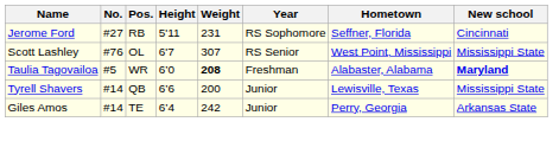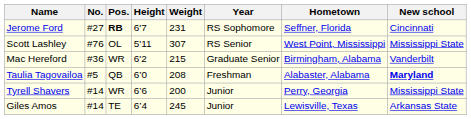 <table class="wikitable sortable">
 <tr>
 <th>Name</th>
 <th>No.</th>
 <th>Pos.</th>
 <th>Height</th>
 <th>Weight</th>
 <th>Year</th>
 <th>Hometown</th>
 <th class="unsortable">New school</th>
 </tr>
 <tr style="background:#FFFFE6;">
 <td><a href='#'>Jerome Ford</a></td>
 <td>#27</td>
-<td>RB</td>
-<td>5'11</td>
+<td><strong>RB</strong></td>
+<td>6'7</td>
 <td>231</td>
 <td>RS Sophomore</td>
 <td><a href='#'>Seffner, Florida</a></td>
 <td><a href='#'>Cincinnati</a></td>
 </tr>
 <tr style="background:#FFFFE6;">
 <td>Scott Lashley</td>
 <td>#76</td>
 <td>OL</td>
-<td>6'7</td>
+<td>5'11</td>
 <td>307</td>
 <td>RS Senior</td>
 <td><a href='#'>West Point, Mississippi</a></td>
 <td><a href='#'>Mississippi State</a></td>
 </tr>
 <tr style="background:#FFFFE6;">
+<td>Mac Hereford</td>
+<td>#36</td>
+<td>WR</td>
+<td>6'2</td>
+<td>215</td>
+<td>Graduate Senior</td>
+<td><a href='#'>Birmingham, Alabama</a></td>
+<td><a href='#'>Vanderbilt</a></td>
+</tr>
+<tr style="background:#FFFFE6;">
 <td><a href='#'>Taulia Tagovailoa</a></td>
 <td>#5</td>
-<td>WR</td>
+<td>QB</td>
 <td>6’0</td>
-<td><strong>208</strong></td>
+<td>208</td>
 <td>Freshman</td>
 <td><a href='#'>Alabaster, Alabama</a></td>
 <td><strong><a href='#'>Maryland</a></strong></td>
 </tr>
 <tr style="background:#FFFFE6;">
 <td><a href='#'>Tyrell Shavers</a></td>
 <td>#14</td>
-<td>QB</td>
+<td>WR</td>
 <td>6’6</td>
 <td>200</td>
 <td>Junior</td>
-<td><a href='#'>Lewisville, Texas</a></td>
+<td><a href='#'>Perry, Georgia</a></td>
 <td><a href='#'>Mississippi State</a></td>
 </tr>
 <tr style="background:#FFFFE6;">
 <td>Giles Amos</td>
 <td>#14</td>
 <td>TE</td>
 <td>6’4</td>
-<td>242</td>
+<td>245</td>
 <td>Junior</td>
-<td><a href='#'>Perry, Georgia</a></td>
+<td><a href='#'>Lewisville, Texas</a></td>
 <td><a href='#'>Arkansas State</a></td>
 </tr>
 </table>
